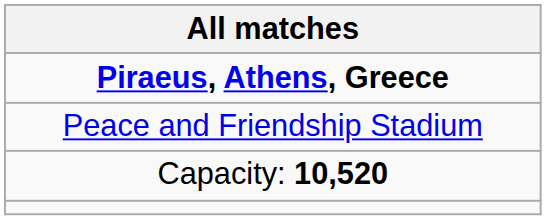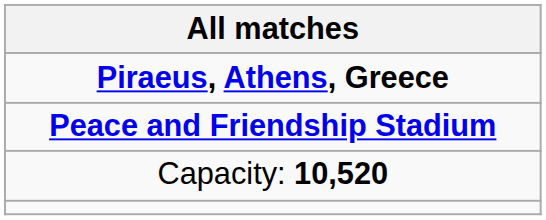 <table class="wikitable" style="text-align:center" width=280>
 <tr>
 <th>All matches</th>
 </tr>
 <tr>
 <td> <strong><a href='#'>Piraeus</a>, <a href='#'>Athens</a>, Greece</strong></td>
 </tr>
 <tr>
-<td><a href='#'>Peace and Friendship Stadium</a></td>
+<td><strong><a href='#'>Peace and Friendship Stadium</a></strong></td>
 </tr>
 <tr>
 <td>Capacity: <strong>10,520</strong></td>
 </tr>
 <tr>
 <td></td>
 </tr>
 </table>
